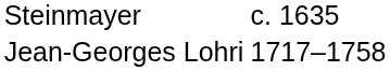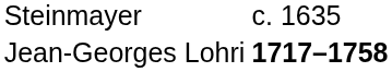 <table>
 <tr>
 <td>Steinmayer</td>
 <td>c. 1635</td>
 </tr>
 <tr>
 <td>Jean-Georges Lohri</td>
-<td>1717–1758</td>
+<td><strong>1717–1758</strong></td>
 </tr>
 </table>
